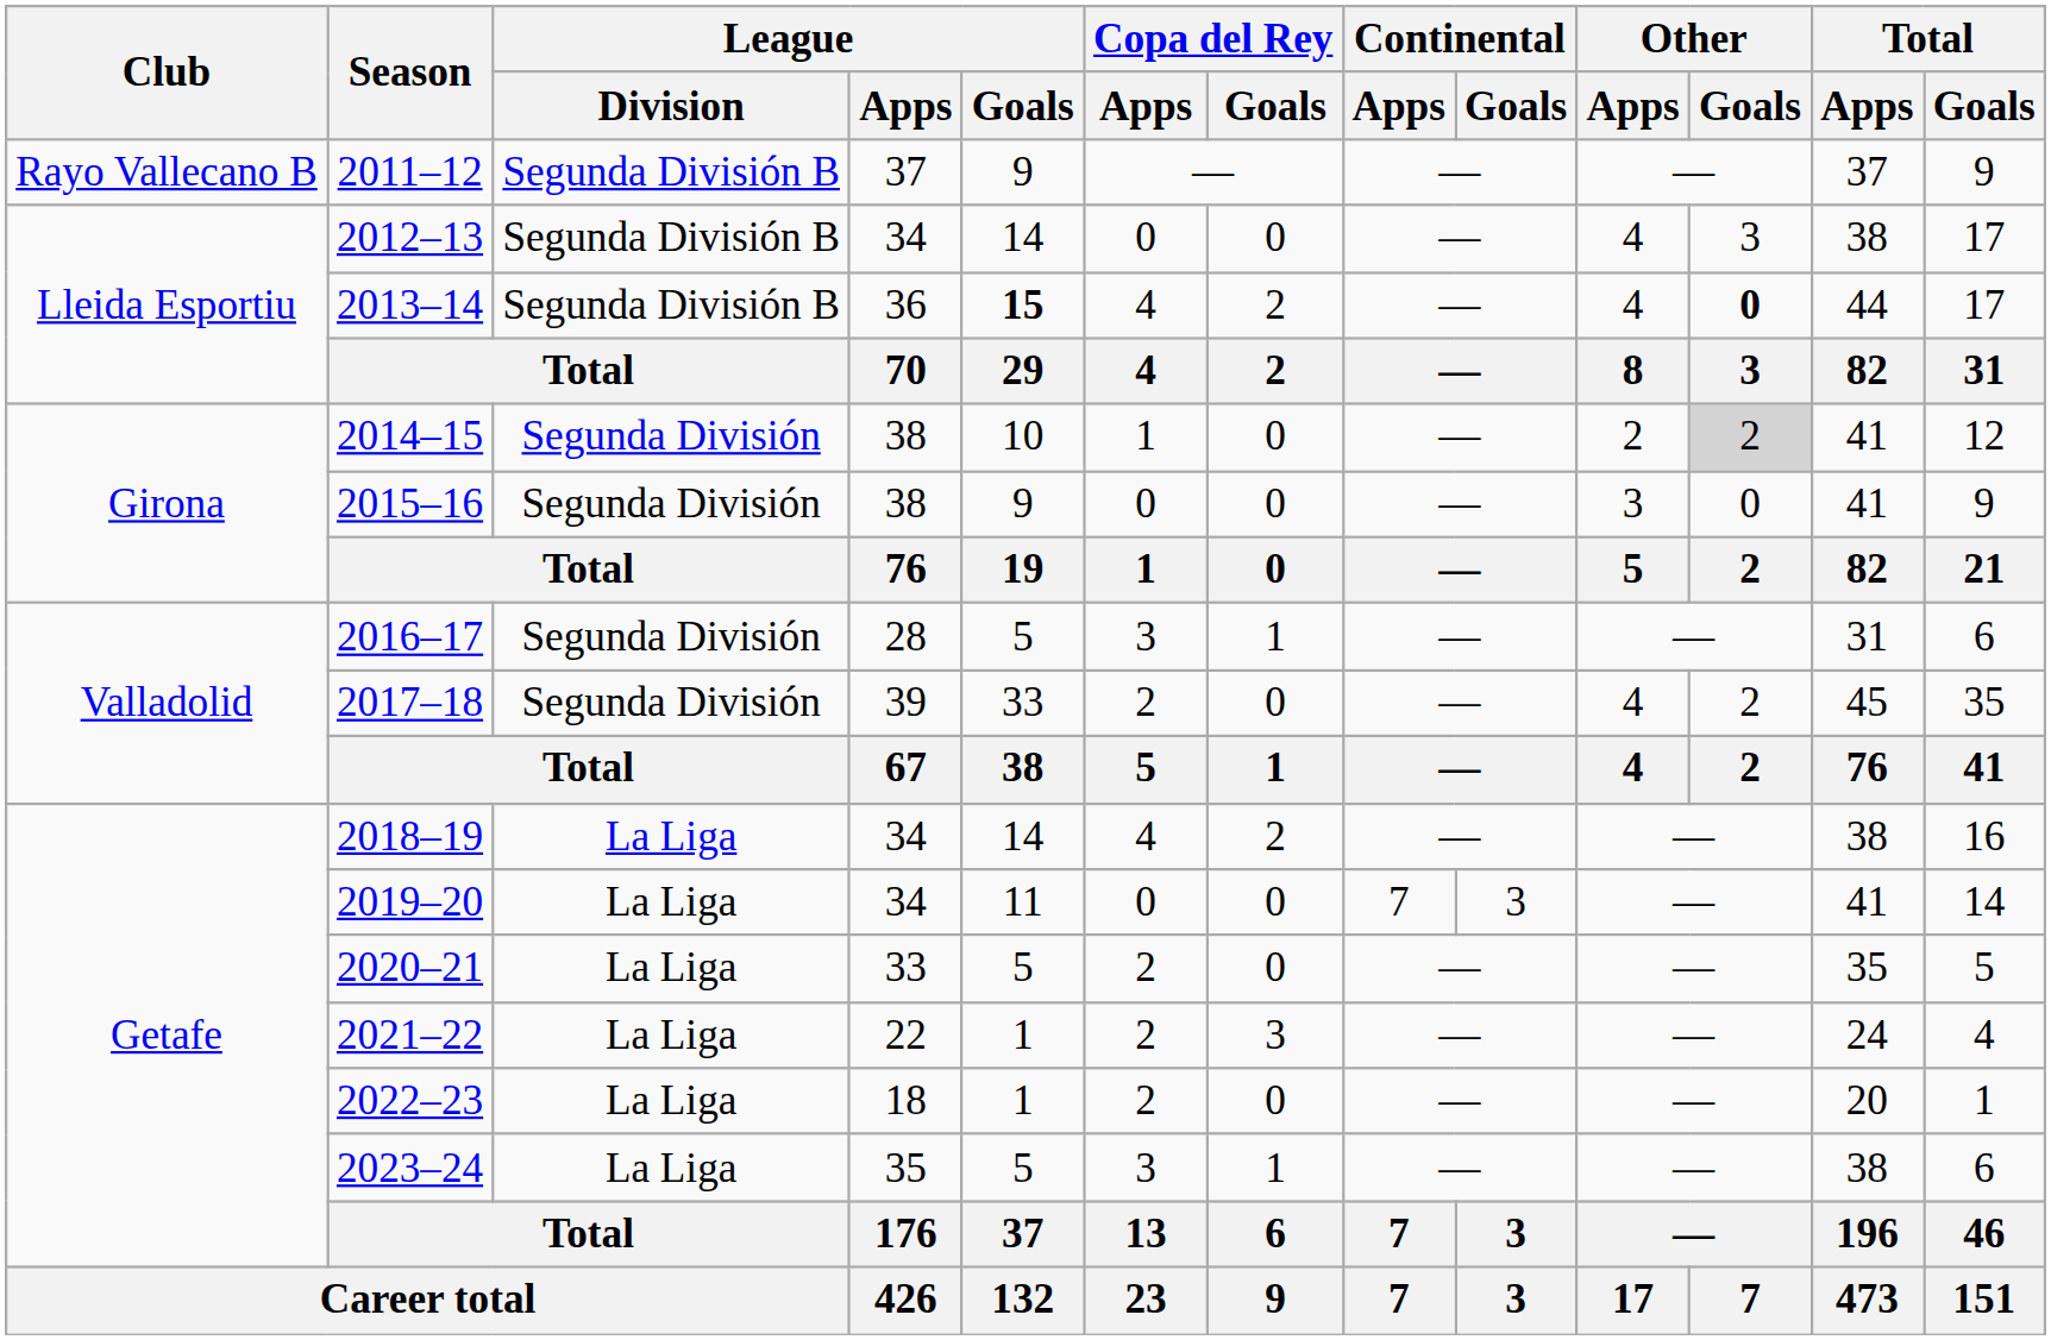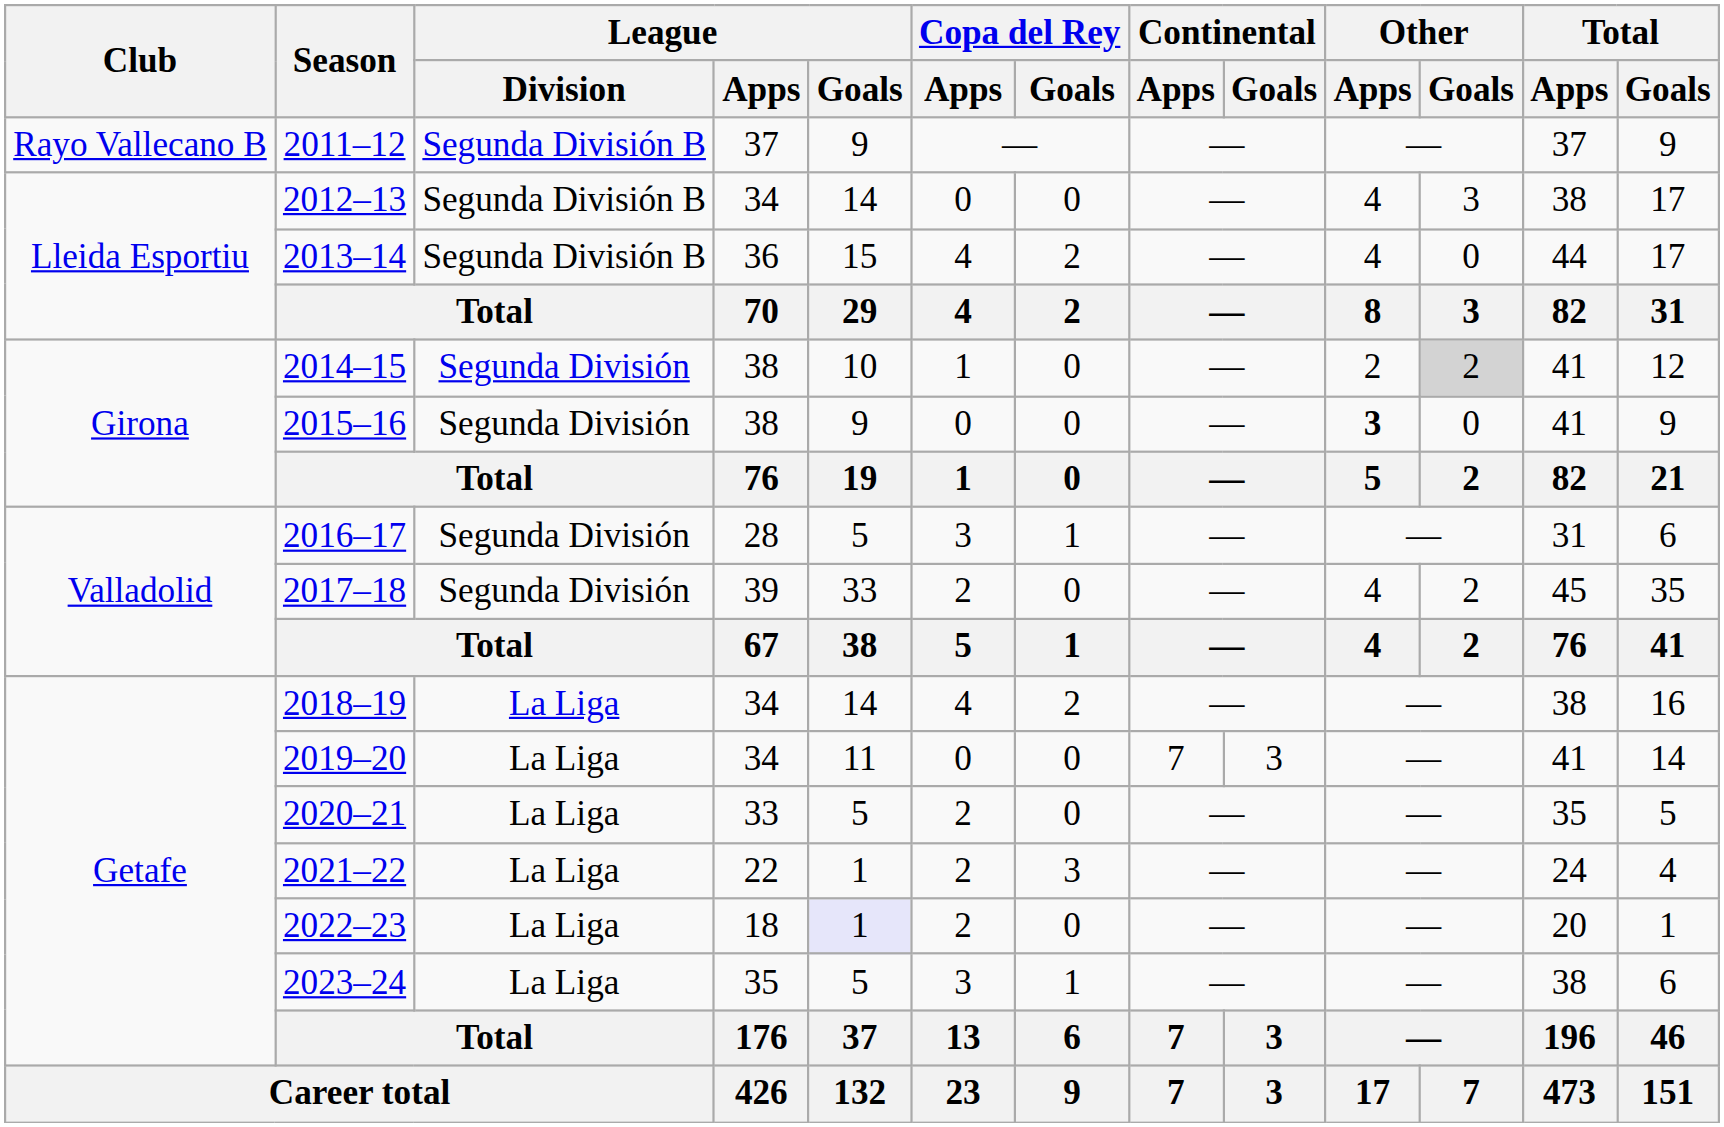 <table class="wikitable" style="text-align:center">
 <tr>
 <th rowspan="2">Club</th>
 <th rowspan="2">Season</th>
 <th colspan="3">League</th>
 <th colspan="2"><a href='#'>Copa del Rey</a></th>
 <th colspan="2">Continental</th>
 <th colspan="2">Other</th>
 <th colspan="2">Total</th>
 </tr>
 <tr>
 <th>Division</th>
 <th>Apps</th>
 <th>Goals</th>
 <th>Apps</th>
 <th>Goals</th>
 <th>Apps</th>
 <th>Goals</th>
 <th>Apps</th>
 <th>Goals</th>
 <th>Apps</th>
 <th>Goals</th>
 </tr>
 <tr>
 <td><a href='#'>Rayo Vallecano B</a></td>
 <td><a href='#'>2011–12</a></td>
 <td><a href='#'>Segunda División B</a></td>
 <td>37</td>
 <td>9</td>
 <td colspan="2">—</td>
 <td colspan="2">—</td>
 <td colspan="2">—</td>
 <td>37</td>
 <td>9</td>
 </tr>
 <tr>
 <td rowspan="3"><a href='#'>Lleida Esportiu</a></td>
 <td><a href='#'>2012–13</a></td>
 <td>Segunda División B</td>
 <td>34</td>
 <td>14</td>
 <td>0</td>
 <td>0</td>
 <td colspan="2">—</td>
 <td>4</td>
 <td>3</td>
 <td>38</td>
 <td>17</td>
 </tr>
 <tr>
 <td><a href='#'>2013–14</a></td>
 <td>Segunda División B</td>
 <td>36</td>
-<td><strong>15</strong></td>
+<td>15</td>
 <td>4</td>
 <td>2</td>
 <td colspan="2">—</td>
 <td>4</td>
-<td><strong>0</strong></td>
+<td>0</td>
 <td>44</td>
 <td>17</td>
 </tr>
 <tr>
 <th colspan="2">Total</th>
 <th>70</th>
 <th>29</th>
 <th>4</th>
 <th>2</th>
 <th colspan="2">—</th>
 <th>8</th>
 <th>3</th>
 <th>82</th>
 <th>31</th>
 </tr>
 <tr>
 <td rowspan="3"><a href='#'>Girona</a></td>
 <td><a href='#'>2014–15</a></td>
 <td><a href='#'>Segunda División</a></td>
 <td>38</td>
 <td>10</td>
 <td>1</td>
 <td>0</td>
 <td colspan="2">—</td>
 <td>2</td>
 <td style="background: lightgrey;">2</td>
 <td>41</td>
 <td>12</td>
 </tr>
 <tr>
 <td><a href='#'>2015–16</a></td>
 <td>Segunda División</td>
 <td>38</td>
 <td>9</td>
 <td>0</td>
 <td>0</td>
 <td colspan="2">—</td>
-<td>3</td>
+<td><strong>3</strong></td>
 <td>0</td>
 <td>41</td>
 <td>9</td>
 </tr>
 <tr>
 <th colspan="2">Total</th>
 <th>76</th>
 <th>19</th>
 <th>1</th>
 <th>0</th>
 <th colspan="2">—</th>
 <th>5</th>
 <th>2</th>
 <th>82</th>
 <th>21</th>
 </tr>
 <tr>
 <td rowspan="3"><a href='#'>Valladolid</a></td>
 <td><a href='#'>2016–17</a></td>
 <td>Segunda División</td>
 <td>28</td>
 <td>5</td>
 <td>3</td>
 <td>1</td>
 <td colspan="2">—</td>
 <td colspan="2">—</td>
 <td>31</td>
 <td>6</td>
 </tr>
 <tr>
 <td><a href='#'>2017–18</a></td>
 <td>Segunda División</td>
 <td>39</td>
 <td>33</td>
 <td>2</td>
 <td>0</td>
 <td colspan="2">—</td>
 <td>4</td>
 <td>2</td>
 <td>45</td>
 <td>35</td>
 </tr>
 <tr>
 <th colspan="2">Total</th>
 <th>67</th>
 <th>38</th>
 <th>5</th>
 <th>1</th>
 <th colspan="2">—</th>
 <th>4</th>
 <th>2</th>
 <th>76</th>
 <th>41</th>
 </tr>
 <tr>
 <td rowspan="7"><a href='#'>Getafe</a></td>
 <td><a href='#'>2018–19</a></td>
 <td><a href='#'>La Liga</a></td>
 <td>34</td>
 <td>14</td>
 <td>4</td>
 <td>2</td>
 <td colspan="2">—</td>
 <td colspan="2">—</td>
 <td>38</td>
 <td>16</td>
 </tr>
 <tr>
 <td><a href='#'>2019–20</a></td>
 <td>La Liga</td>
 <td>34</td>
 <td>11</td>
 <td>0</td>
 <td>0</td>
 <td>7</td>
 <td>3</td>
 <td colspan="2">—</td>
 <td>41</td>
 <td>14</td>
 </tr>
 <tr>
 <td><a href='#'>2020–21</a></td>
 <td>La Liga</td>
 <td>33</td>
 <td>5</td>
 <td>2</td>
 <td>0</td>
 <td colspan="2">—</td>
 <td colspan="2">—</td>
 <td>35</td>
 <td>5</td>
 </tr>
 <tr>
 <td><a href='#'>2021–22</a></td>
 <td>La Liga</td>
 <td>22</td>
 <td>1</td>
 <td>2</td>
 <td>3</td>
 <td colspan="2">—</td>
 <td colspan="2">—</td>
 <td>24</td>
 <td>4</td>
 </tr>
 <tr>
 <td><a href='#'>2022–23</a></td>
 <td>La Liga</td>
 <td>18</td>
-<td>1</td>
+<td style="background: lavender;">1</td>
 <td>2</td>
 <td>0</td>
 <td colspan="2">—</td>
 <td colspan="2">—</td>
 <td>20</td>
 <td>1</td>
 </tr>
 <tr>
 <td><a href='#'>2023–24</a></td>
 <td>La Liga</td>
 <td>35</td>
 <td>5</td>
 <td>3</td>
 <td>1</td>
 <td colspan="2">—</td>
 <td colspan="2">—</td>
 <td>38</td>
 <td>6</td>
 </tr>
 <tr>
 <th colspan="2">Total</th>
 <th>176</th>
 <th>37</th>
 <th>13</th>
 <th>6</th>
 <th>7</th>
 <th>3</th>
 <th colspan="2">—</th>
 <th>196</th>
 <th>46</th>
 </tr>
 <tr>
 <th colspan="3">Career total</th>
 <th>426</th>
 <th>132</th>
 <th>23</th>
 <th>9</th>
 <th>7</th>
 <th>3</th>
 <th>17</th>
 <th>7</th>
 <th>473</th>
 <th>151</th>
 </tr>
 </table>
